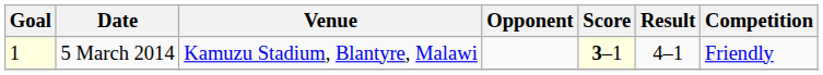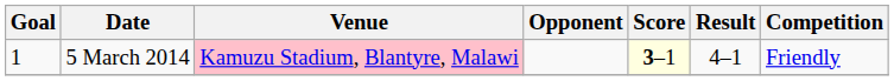 <table class="wikitable plainrowheaders sortable">
 <tr>
 <th>Goal</th>
 <th>Date</th>
 <th>Venue</th>
 <th>Opponent</th>
 <th>Score</th>
 <th>Result</th>
 <th>Competition</th>
 </tr>
 <tr>
-<td style="background: lightyellow;">1</td>
+<td>1</td>
 <td>5 March 2014</td>
-<td><a href='#'>Kamuzu Stadium</a>, <a href='#'>Blantyre</a>, <a href='#'>Malawi</a></td>
+<td style="background: pink;"><a href='#'>Kamuzu Stadium</a>, <a href='#'>Blantyre</a>, <a href='#'>Malawi</a></td>
 <td></td>
 <td align=center style="background: lightyellow;"><strong>3</strong>–1</td>
 <td align=center>4–1</td>
 <td><a href='#'>Friendly</a></td>
 </tr>
 <tr>
 </tr>
 </table>
